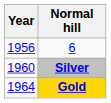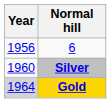 <table class="wikitable" style="text-align: center;">
 <tr>
 <th>Year</th>
 <th style="width:80px;">Normal hill</th>
 </tr>
 <tr>
 <td align=left><a href='#'>1956</a></td>
 <td><a href='#'>6</a></td>
 </tr>
 <tr>
 <td align=left><a href='#'>1960</a></td>
 <td style="background:silver;"><a href='#'><strong>Silver</strong></a></td>
 </tr>
 <tr>
-<td align=left><a href='#'>1964</a></td>
+<td align=left style="background: lightgrey;"><a href='#'>1964</a></td>
 <td style="background:gold;"><a href='#'><strong>Gold</strong></a></td>
 </tr>
 </table>
